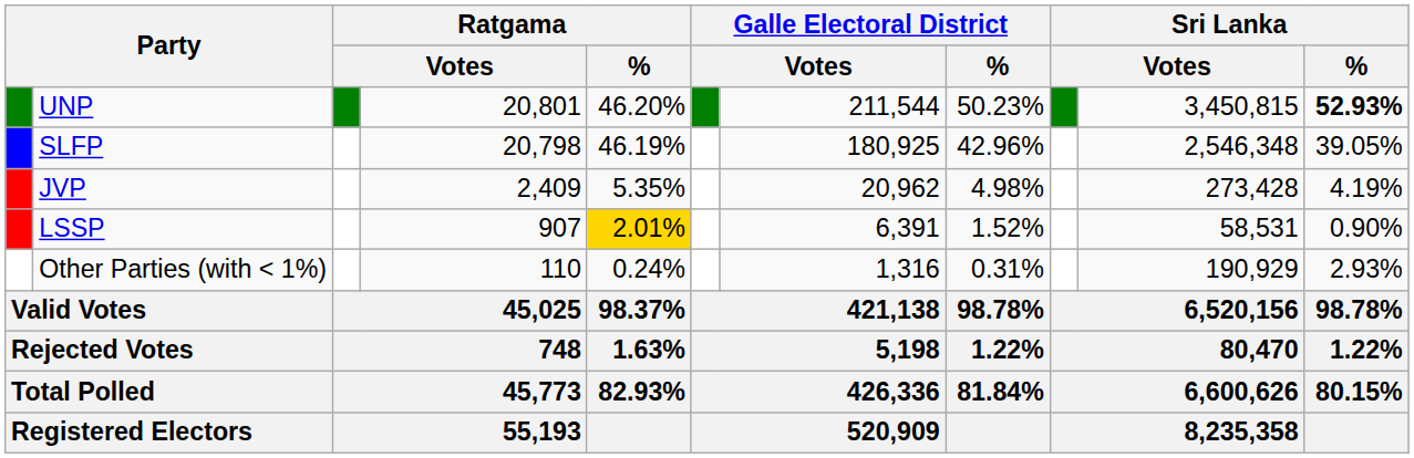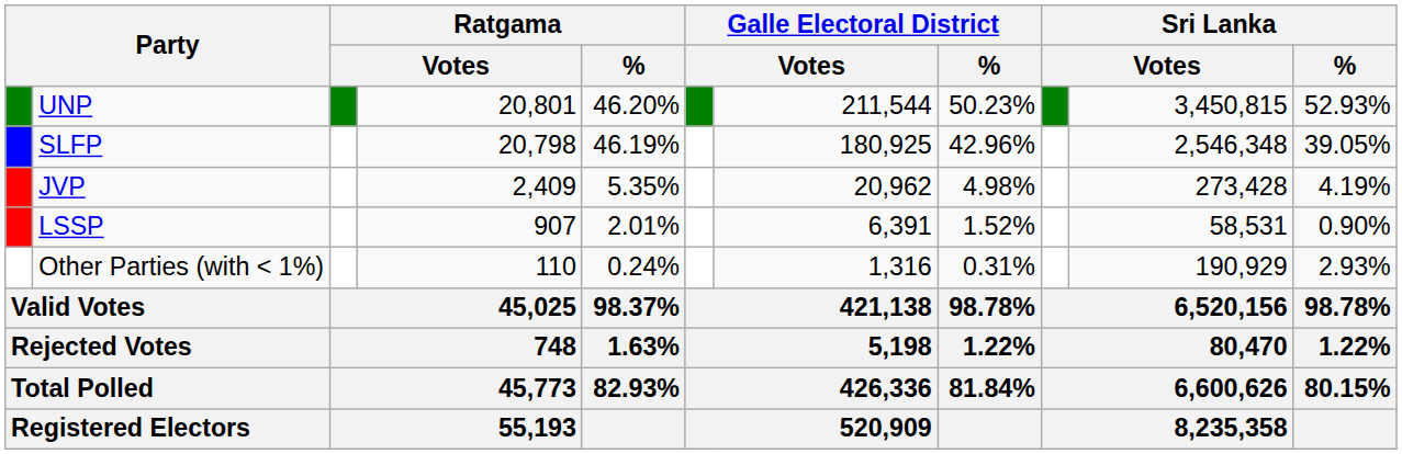 <table class="wikitable">
 <tr>
 <th colspan="2" width="144px"rowspan="2">Party</th>
 <th colspan="3" width="216px">Ratgama</th>
 <th colspan="3" width="216px"><a href='#'>Galle Electoral District</a></th>
 <th colspan="3" width="216px">Sri Lanka</th>
 </tr>
 <tr>
 <th colspan="2" width="144px">Votes</th>
 <th>%</th>
 <th colspan="2" width="144px">Votes</th>
 <th>%</th>
 <th colspan="2" width="144px">Votes</th>
 <th>%</th>
 </tr>
 <tr>
 <td style="background-color:green;" width="10px"></td>
 <td style="text-align:left;"><a href='#'>UNP</a></td>
 <td style="background-color:green;" width="10px"></td>
 <td style="text-align:right;">20,801</td>
 <td style="text-align:right;">46.20%</td>
 <td style="background-color:green;" width="10px"></td>
 <td style="text-align:right;">211,544</td>
 <td style="text-align:right;">50.23%</td>
 <td style="background-color:green;" width="10px"></td>
 <td style="text-align:right;">3,450,815</td>
-<td style="text-align:right;"><strong>52.93%</strong></td>
+<td style="text-align:right;">52.93%</td>
 </tr>
 <tr>
 <td style="background-color:blue;" width="10px"></td>
 <td style="text-align:left;"><a href='#'>SLFP</a></td>
 <td style="background-color:white;" width="10px"></td>
 <td style="text-align:right;">20,798</td>
 <td style="text-align:right;">46.19%</td>
 <td style="background-color:white;" width="10px"></td>
 <td style="text-align:right;">180,925</td>
 <td style="text-align:right;">42.96%</td>
 <td style="background-color:white;" width="10px"></td>
 <td style="text-align:right;">2,546,348</td>
 <td style="text-align:right;">39.05%</td>
 </tr>
 <tr>
 <td style="background-color:red;" width="10px"></td>
 <td style="text-align:left;"><a href='#'>JVP</a></td>
 <td style="background-color:white;" width="10px"></td>
 <td style="text-align:right;">2,409</td>
 <td style="text-align:right;">5.35%</td>
 <td style="background-color:white;" width="10px"></td>
 <td style="text-align:right;">20,962</td>
 <td style="text-align:right;">4.98%</td>
 <td style="background-color:white;" width="10px"></td>
 <td style="text-align:right;">273,428</td>
 <td style="text-align:right;">4.19%</td>
 </tr>
 <tr>
 <td style="background-color:red;" width="10px"></td>
 <td style="text-align:left;"><a href='#'>LSSP</a></td>
 <td style="background-color:white;" width="10px"></td>
 <td style="text-align:right;">907</td>
-<td style="background: gold; text-align:right;">2.01%</td>
+<td style="text-align:right;">2.01%</td>
 <td style="background-color:white;" width="10px"></td>
 <td style="text-align:right;">6,391</td>
 <td style="text-align:right;">1.52%</td>
 <td style="background-color:white;" width="10px"></td>
 <td style="text-align:right;">58,531</td>
 <td style="text-align:right;">0.90%</td>
 </tr>
 <tr>
 <td style="background-color:white;" width="10px"></td>
 <td style="text-align:left;">Other Parties (with < 1%)</td>
 <td style="background-color:white;" width="10px"></td>
 <td style="text-align:right;">110</td>
 <td style="text-align:right;">0.24%</td>
 <td style="background-color:white;" width="10px"></td>
 <td style="text-align:right;">1,316</td>
 <td style="text-align:right;">0.31%</td>
 <td style="background-color:white;" width="10px"></td>
 <td style="text-align:right;">190,929</td>
 <td style="text-align:right;">2.93%</td>
 </tr>
 <tr>
 <th colspan="2" width="144px"style="text-align:left;">Valid Votes</th>
 <th style="text-align:right;"colspan="2" width="144px">45,025</th>
 <th style="text-align:right;">98.37%</th>
 <th style="text-align:right;"colspan="2" width="144px">421,138</th>
 <th style="text-align:right;">98.78%</th>
 <th style="text-align:right;"colspan="2" width="144px">6,520,156</th>
 <th style="text-align:right;">98.78%</th>
 </tr>
 <tr>
 <th colspan="2" width="144px"style="text-align:left;">Rejected Votes</th>
 <th style="text-align:right;"colspan="2" width="144px">748</th>
 <th style="text-align:right;">1.63%</th>
 <th style="text-align:right;"colspan="2" width="144px">5,198</th>
 <th style="text-align:right;">1.22%</th>
 <th style="text-align:right;"colspan="2" width="144px">80,470</th>
 <th style="text-align:right;">1.22%</th>
 </tr>
 <tr>
 <th colspan="2" width="144px"style="text-align:left;">Total Polled</th>
 <th style="text-align:right;"colspan="2" width="144px">45,773</th>
 <th style="text-align:right;">82.93%</th>
 <th style="text-align:right;"colspan="2" width="144px">426,336</th>
 <th style="text-align:right;">81.84%</th>
 <th style="text-align:right;"colspan="2" width="144px">6,600,626</th>
 <th style="text-align:right;">80.15%</th>
 </tr>
 <tr>
 <th colspan="2" width="144px"style="text-align:left;">Registered Electors</th>
 <th style="text-align:right;"colspan="2" width="144px">55,193</th>
 <th></th>
 <th style="text-align:right;"colspan="2" width="144px">520,909</th>
 <th></th>
 <th style="text-align:right;"colspan="2" width="144px">8,235,358</th>
 <th></th>
 </tr>
 </table>
